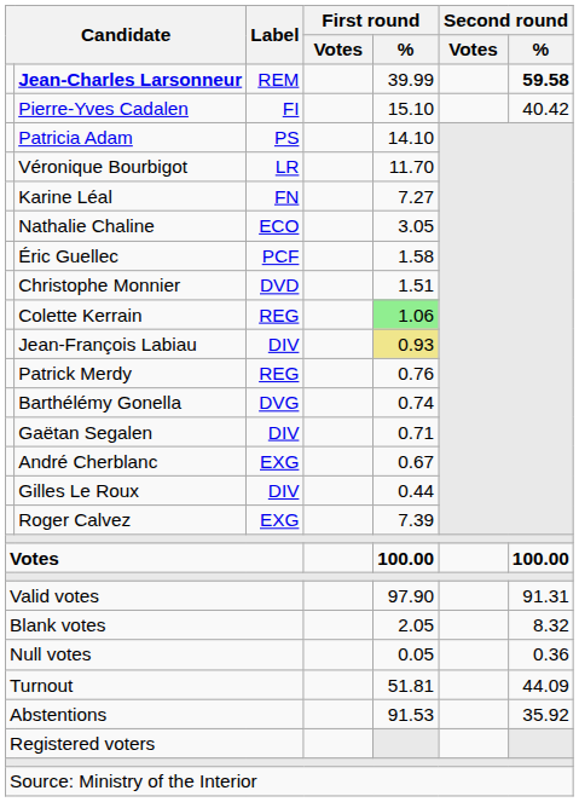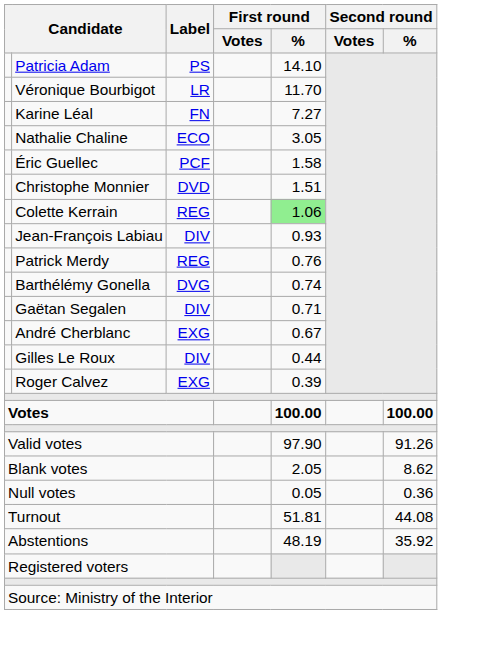 <table class="wikitable" style="text-align:right;font-size:95%;">
 <tr>
 <th rowspan="2" colspan="2">Candidate</th>
 <th rowspan="2">Label</th>
 <th colspan="2">First round</th>
 <th colspan="2">Second round</th>
 </tr>
 <tr>
 <th style="width:50px;">Votes</th>
 <th style="width:45px;">%</th>
 <th style="width:50px;">Votes</th>
 <th style="width:45px;">%</th>
-</tr>
-<tr>
-<td style="color:inherit;background:"></td>
-<td style="text-align:left;"><strong><a href='#'>Jean-Charles Larsonneur</a></strong></td>
-<td><a href='#'>REM</a></td>
-<td></td>
-<td>39.99</td>
-<td><strong></strong></td>
-<td><strong>59.58</strong></td>
-</tr>
-<tr>
-<td style="color:inherit;background:"></td>
-<td style="text-align:left;"><a href='#'>Pierre-Yves Cadalen</a></td>
-<td><a href='#'>FI</a></td>
-<td></td>
-<td>15.10</td>
-<td></td>
-<td>40.42</td>
 </tr>
 <tr>
 <td style="color:inherit;background:"></td>
 <td style="text-align:left;"><a href='#'>Patricia Adam</a></td>
 <td><a href='#'>PS</a></td>
 <td></td>
 <td>14.10</td>
 <td colspan="2" rowspan="14" style="background:#E9E9E9;"></td>
 </tr>
 <tr>
 <td style="color:inherit;background:"></td>
 <td style="text-align:left;">Véronique Bourbigot</td>
 <td><a href='#'>LR</a></td>
 <td></td>
 <td>11.70</td>
 </tr>
 <tr>
 <td style="color:inherit;background:"></td>
 <td style="text-align:left;">Karine Léal</td>
 <td><a href='#'>FN</a></td>
 <td></td>
 <td>7.27</td>
 </tr>
 <tr>
 <td style="color:inherit;background:"></td>
 <td style="text-align:left;">Nathalie Chaline</td>
 <td><a href='#'>ECO</a></td>
 <td></td>
 <td>3.05</td>
 </tr>
 <tr>
 <td style="color:inherit;background:"></td>
 <td style="text-align:left;">Éric Guellec</td>
 <td><a href='#'>PCF</a></td>
 <td></td>
 <td>1.58</td>
 </tr>
 <tr>
 <td style="color:inherit;background:"></td>
 <td style="text-align:left;">Christophe Monnier</td>
 <td><a href='#'>DVD</a></td>
 <td></td>
 <td>1.51</td>
 </tr>
 <tr>
 <td style="color:inherit;background:"></td>
 <td style="text-align:left;">Colette Kerrain</td>
 <td><a href='#'>REG</a></td>
 <td></td>
 <td style="background: lightgreen;">1.06</td>
 </tr>
 <tr>
 <td style="color:inherit;background:"></td>
 <td style="text-align:left;">Jean-François Labiau</td>
 <td><a href='#'>DIV</a></td>
 <td></td>
-<td style="background: khaki;">0.93</td>
+<td>0.93</td>
 </tr>
 <tr>
 <td style="color:inherit;background:"></td>
 <td style="text-align:left;">Patrick Merdy</td>
 <td><a href='#'>REG</a></td>
 <td></td>
 <td>0.76</td>
 </tr>
 <tr>
 <td style="color:inherit;background:"></td>
 <td style="text-align:left;">Barthélémy Gonella</td>
 <td><a href='#'>DVG</a></td>
 <td></td>
 <td>0.74</td>
 </tr>
 <tr>
 <td style="color:inherit;background:"></td>
 <td style="text-align:left;">Gaëtan Segalen</td>
 <td><a href='#'>DIV</a></td>
 <td></td>
 <td>0.71</td>
 </tr>
 <tr>
 <td style="color:inherit;background:"></td>
 <td style="text-align:left;">André Cherblanc</td>
 <td><a href='#'>EXG</a></td>
 <td></td>
 <td>0.67</td>
 </tr>
 <tr>
 <td style="color:inherit;background:"></td>
 <td style="text-align:left;">Gilles Le Roux</td>
 <td><a href='#'>DIV</a></td>
 <td></td>
 <td>0.44</td>
 </tr>
 <tr>
 <td style="color:inherit;background:"></td>
 <td style="text-align:left;">Roger Calvez</td>
 <td><a href='#'>EXG</a></td>
 <td></td>
-<td>7.39</td>
+<td>0.39</td>
 </tr>
 <tr>
 <td colspan="7" style="background:#E9E9E9;"></td>
 </tr>
 <tr style="font-weight:bold;">
 <td colspan="3" style="text-align:left;">Votes</td>
 <td></td>
 <td>100.00</td>
 <td></td>
 <td>100.00</td>
 </tr>
 <tr>
 <td colspan="7" style="background:#E9E9E9;"></td>
 </tr>
 <tr>
 <td colspan="3" style="text-align:left;">Valid votes</td>
 <td></td>
 <td>97.90</td>
 <td></td>
-<td>91.31</td>
+<td>91.26</td>
 </tr>
 <tr>
 <td colspan="3" style="text-align:left;">Blank votes</td>
 <td></td>
 <td>2.05</td>
 <td></td>
-<td>8.32</td>
+<td>8.62</td>
 </tr>
 <tr>
 <td colspan="3" style="text-align:left;">Null votes</td>
 <td></td>
 <td>0.05</td>
 <td></td>
 <td>0.36</td>
 </tr>
 <tr>
 <td colspan="3" style="text-align:left;">Turnout</td>
 <td></td>
 <td>51.81</td>
 <td></td>
-<td>44.09</td>
+<td>44.08</td>
 </tr>
 <tr>
 <td colspan="3" style="text-align:left;">Abstentions</td>
 <td></td>
-<td>91.53</td>
+<td>48.19</td>
 <td></td>
 <td>35.92</td>
 </tr>
 <tr>
 <td colspan="3" style="text-align:left;">Registered voters</td>
 <td></td>
 <td style="color:inherit;background:#E9E9E9;"></td>
 <td></td>
 <td style="color:inherit;background:#E9E9E9;"></td>
 </tr>
 <tr>
 <td colspan="7" style="background:#E9E9E9;"></td>
 </tr>
 <tr>
 <td colspan="7" style="text-align:left;">Source: Ministry of the Interior</td>
 </tr>
 </table>
